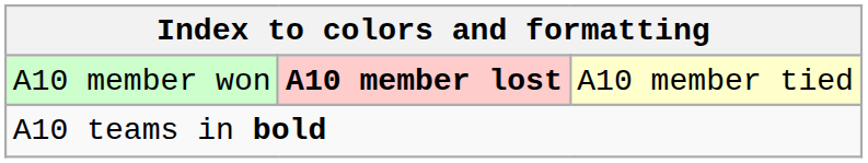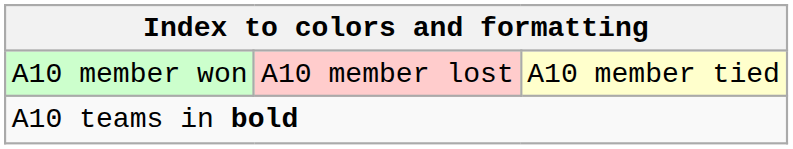 <table class="wikitable">
 <tr>
 <th colspan="3">Index to colors and formatting</th>
 </tr>
 <tr>
 <td style="background:#cfc;">A10 member won</td>
-<td style="background:#fcc;"><strong>A10 member lost</strong></td>
+<td style="background:#fcc;">A10 member lost</td>
 <td style="background:#ffc;">A10 member tied</td>
 </tr>
 <tr>
 <td colspan="3">A10 teams in <strong>bold</strong></td>
 </tr>
 </table>
